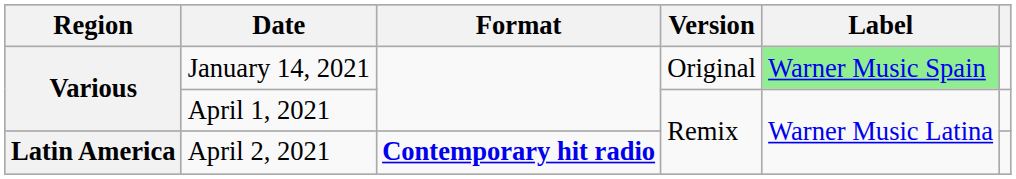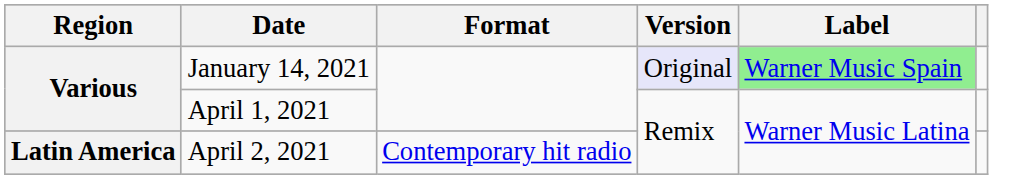 <table class="wikitable plainrowheaders">
 <tr>
 <th scope="col">Region</th>
 <th scope="col">Date</th>
 <th scope="col">Format</th>
 <th scope="col">Version</th>
 <th scope="col">Label</th>
 <th scope="col"></th>
 </tr>
 <tr>
 <th scope="row" rowspan="2">Various</th>
 <td>January 14, 2021</td>
 <td rowspan="2"></td>
-<td>Original</td>
+<td style="background: lavender;">Original</td>
 <td style="background: lightgreen;"><a href='#'>Warner Music Spain</a></td>
 <td style="text-align:center;"></td>
 </tr>
 <tr>
 <td>April 1, 2021</td>
 <td rowspan="2">Remix</td>
 <td rowspan="2"><a href='#'>Warner Music Latina</a></td>
 <td style="text-align:center;"></td>
 </tr>
 <tr>
 <th scope="row">Latin America</th>
 <td>April 2, 2021</td>
-<td><strong><a href='#'>Contemporary hit radio</a></strong></td>
+<td><a href='#'>Contemporary hit radio</a></td>
 <td style="text-align:center;"></td>
 </tr>
 </table>
